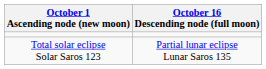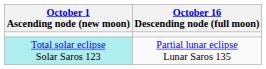 <table class="wikitable">
 <tr>
 <th><a href='#'>October 1</a><br>Ascending node (new moon)</th>
 <th><a href='#'>October 16</a><br>Descending node (full moon)</th>
 </tr>
 <tr>
 <td></td>
 <td></td>
 </tr>
 <tr align=center>
-<td><a href='#'>Total solar eclipse</a><br>Solar Saros 123</td>
+<td style="background: paleturquoise;"><a href='#'>Total solar eclipse</a><br>Solar Saros 123</td>
 <td><a href='#'>Partial lunar eclipse</a><br>Lunar Saros 135</td>
 </tr>
 </table>
